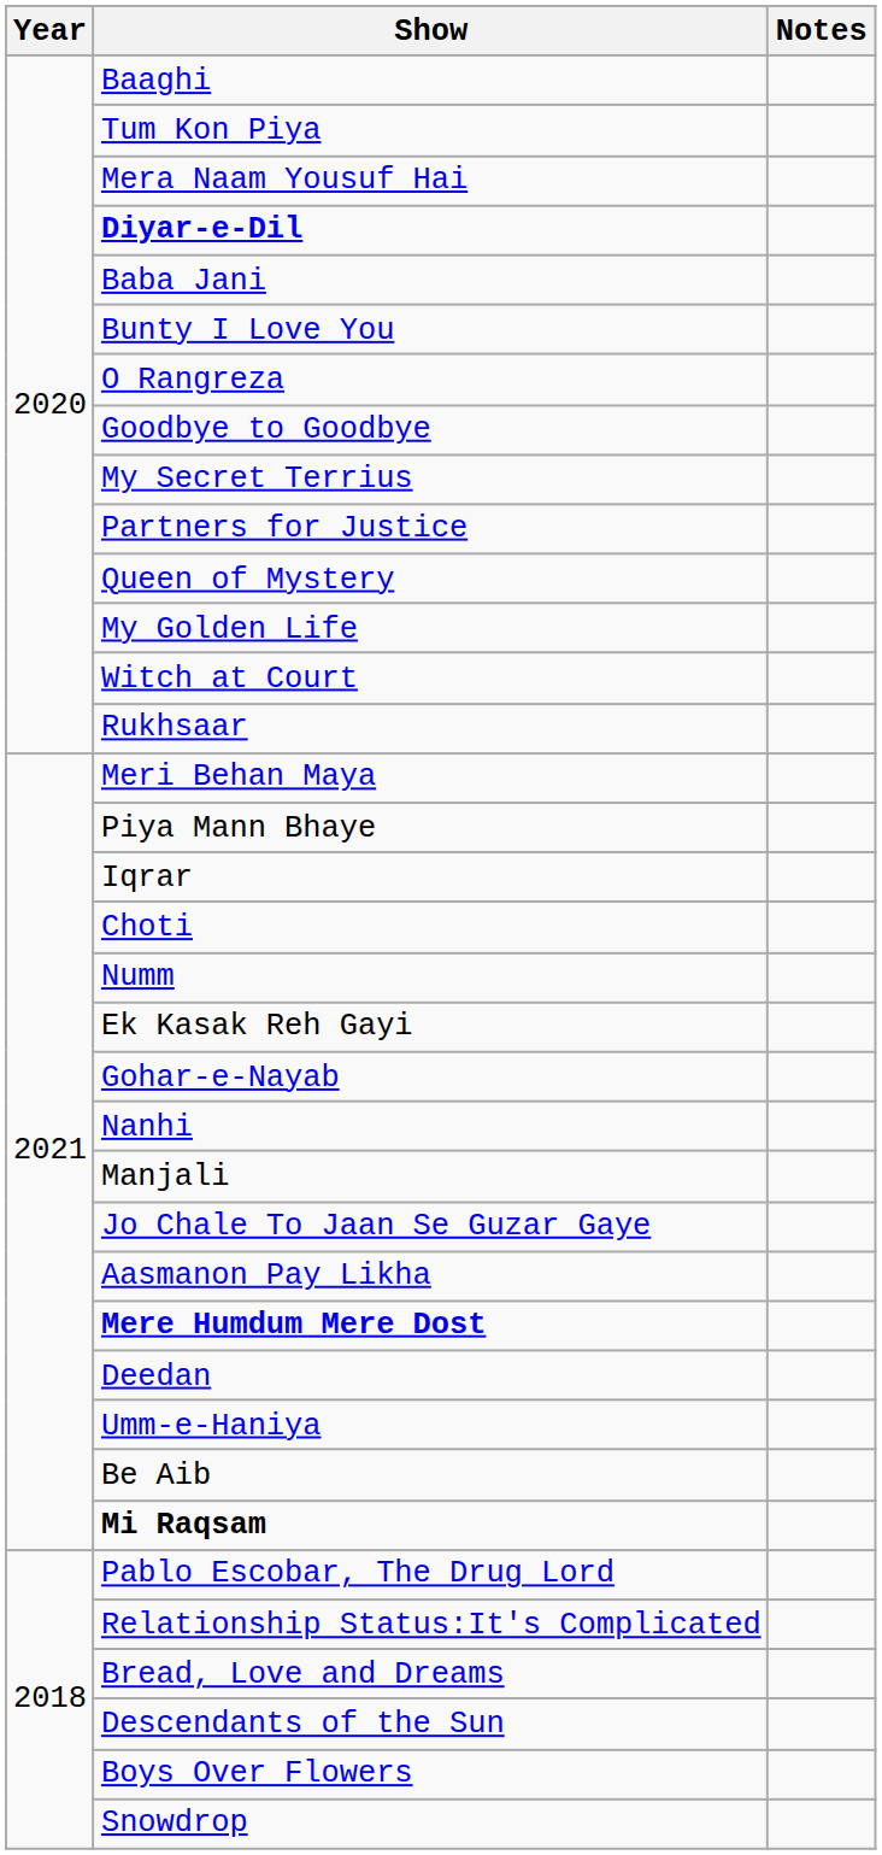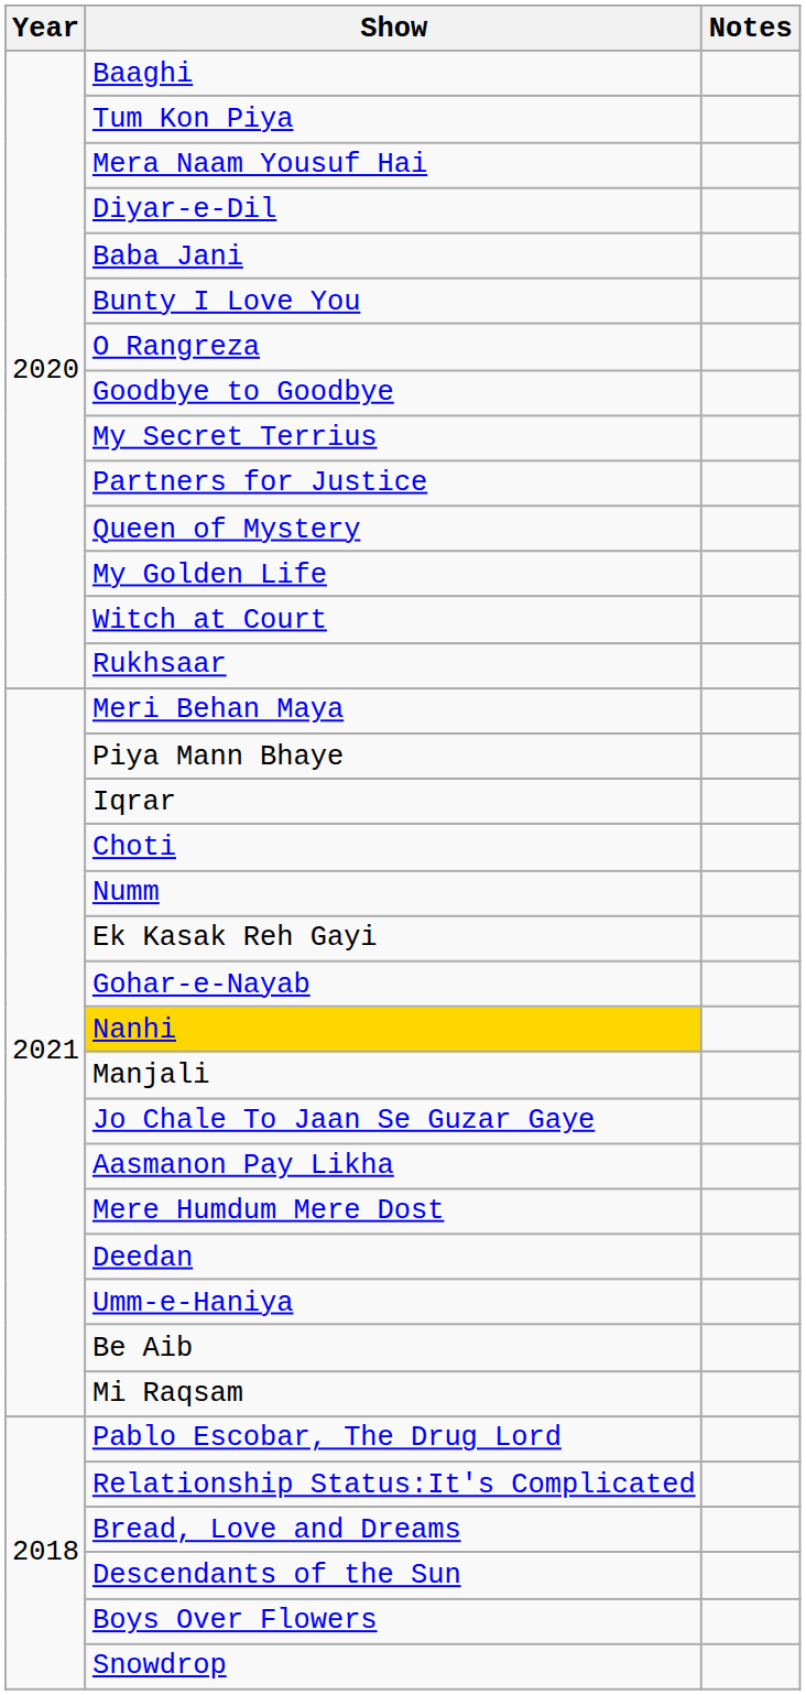 <table class="wikitable">
 <tr>
 <th>Year</th>
 <th>Show</th>
 <th>Notes</th>
 </tr>
 <tr>
 <td rowspan="14">2020</td>
 <td><a href='#'>Baaghi</a></td>
 <td></td>
 </tr>
 <tr>
 <td><a href='#'>Tum Kon Piya</a></td>
 <td></td>
 </tr>
 <tr>
 <td><a href='#'>Mera Naam Yousuf Hai</a></td>
 <td></td>
 </tr>
 <tr>
-<td><strong><a href='#'>Diyar-e-Dil</a></strong></td>
+<td><a href='#'>Diyar-e-Dil</a></td>
 <td></td>
 </tr>
 <tr>
 <td><a href='#'>Baba Jani</a></td>
 <td></td>
 </tr>
 <tr>
 <td><a href='#'>Bunty I Love You</a></td>
 <td></td>
 </tr>
 <tr>
 <td><a href='#'>O Rangreza</a></td>
 <td></td>
 </tr>
 <tr>
 <td><a href='#'>Goodbye to Goodbye</a></td>
 <td></td>
 </tr>
 <tr>
 <td><a href='#'>My Secret Terrius</a></td>
 <td></td>
 </tr>
 <tr>
 <td><a href='#'>Partners for Justice</a></td>
 <td></td>
 </tr>
 <tr>
 <td><a href='#'>Queen of Mystery</a></td>
 <td></td>
 </tr>
 <tr>
 <td><a href='#'>My Golden Life</a></td>
 <td></td>
 </tr>
 <tr>
 <td><a href='#'>Witch at Court</a></td>
 <td></td>
 </tr>
 <tr>
 <td><a href='#'>Rukhsaar</a></td>
 <td></td>
 </tr>
 <tr>
 <td rowspan="16">2021</td>
 <td><a href='#'>Meri Behan Maya</a></td>
 <td></td>
 </tr>
 <tr>
 <td>Piya Mann Bhaye</td>
 <td></td>
 </tr>
 <tr>
 <td>Iqrar</td>
 <td></td>
 </tr>
 <tr>
 <td><a href='#'>Choti</a></td>
 <td></td>
 </tr>
 <tr>
 <td><a href='#'>Numm</a></td>
 <td></td>
 </tr>
 <tr>
 <td>Ek Kasak Reh Gayi</td>
 <td></td>
 </tr>
 <tr>
 <td><a href='#'>Gohar-e-Nayab</a></td>
 <td></td>
 </tr>
 <tr>
-<td><a href='#'>Nanhi</a></td>
+<td style="background: gold;"><a href='#'>Nanhi</a></td>
 <td></td>
 </tr>
 <tr>
 <td>Manjali</td>
 <td></td>
 </tr>
 <tr>
 <td><a href='#'>Jo Chale To Jaan Se Guzar Gaye</a></td>
 <td></td>
 </tr>
 <tr>
 <td><a href='#'>Aasmanon Pay Likha</a></td>
 <td></td>
 </tr>
 <tr>
-<td><strong><a href='#'>Mere Humdum Mere Dost</a></strong></td>
+<td><a href='#'>Mere Humdum Mere Dost</a></td>
 <td></td>
 </tr>
 <tr>
 <td><a href='#'>Deedan</a></td>
 <td></td>
 </tr>
 <tr>
 <td><a href='#'>Umm-e-Haniya</a></td>
 <td></td>
 </tr>
 <tr>
 <td>Be Aib</td>
 <td></td>
 </tr>
 <tr>
-<td><strong>Mi Raqsam</strong></td>
+<td>Mi Raqsam</td>
 <td></td>
 </tr>
 <tr>
 <td rowspan="6">2018</td>
 <td><a href='#'>Pablo Escobar, The Drug Lord</a></td>
 <td></td>
 </tr>
 <tr>
 <td><a href='#'>Relationship Status:It's Complicated</a></td>
 <td></td>
 </tr>
 <tr>
 <td><a href='#'>Bread, Love and Dreams</a></td>
 <td></td>
 </tr>
 <tr>
 <td><a href='#'>Descendants of the Sun</a></td>
 <td></td>
 </tr>
 <tr>
 <td><a href='#'>Boys Over Flowers</a></td>
 <td></td>
 </tr>
 <tr>
 <td><a href='#'>Snowdrop</a></td>
 <td></td>
 </tr>
 </table>
